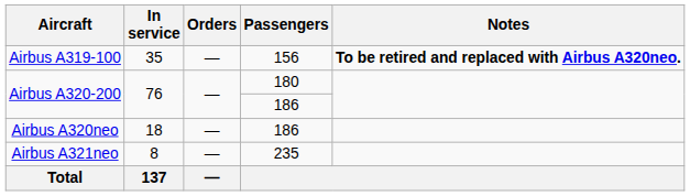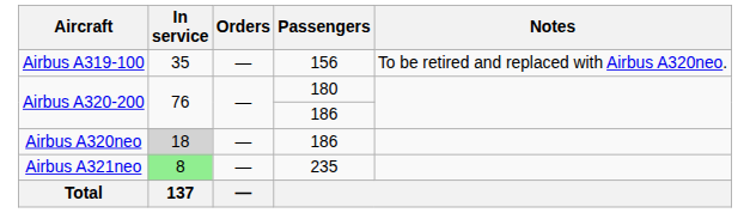 <table class="wikitable" style="margin:1em auto; border-collapse:collapse; text-align:center;">
 <tr>
 <th>Aircraft</th>
 <th>In <br>service</th>
 <th>Orders</th>
 <th>Passengers</th>
 <th>Notes</th>
 </tr>
 <tr>
 <td><a href='#'>Airbus A319-100</a></td>
 <td>35</td>
 <td>—</td>
 <td>156</td>
-<td><strong>To be retired and replaced with <a href='#'>Airbus A320neo</a>.</strong></td>
+<td>To be retired and replaced with <a href='#'>Airbus A320neo</a>.</td>
 </tr>
 <tr>
 <td rowspan="2"><a href='#'>Airbus A320-200</a></td>
 <td rowspan="2">76</td>
 <td rowspan="2">—</td>
 <td>180</td>
 <td rowspan="2"></td>
 </tr>
 <tr>
 <td>186</td>
 </tr>
 <tr>
 <td><a href='#'>Airbus A320neo</a></td>
-<td>18</td>
+<td style="background: lightgrey;">18</td>
 <td>—</td>
 <td>186</td>
 <td></td>
 </tr>
 <tr>
 <td><a href='#'>Airbus A321neo</a></td>
-<td>8</td>
+<td style="background: lightgreen;">8</td>
 <td>—</td>
 <td>235</td>
 <td></td>
 </tr>
 <tr>
 <th>Total</th>
 <th>137</th>
 <th>—</th>
 <th colspan="2"></th>
 </tr>
 </table>
